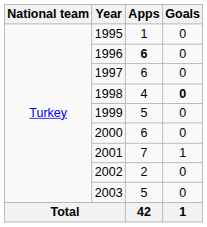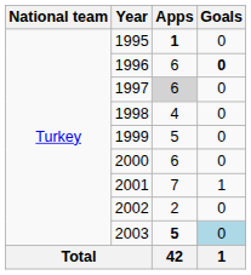 <table class="wikitable" style="text-align:center">
 <tr>
 <th>National team</th>
 <th>Year</th>
 <th>Apps</th>
 <th>Goals</th>
 </tr>
 <tr>
 <td rowspan="9"><a href='#'>Turkey</a></td>
 <td>1995</td>
-<td>1</td>
+<td><strong>1</strong></td>
 <td>0</td>
 </tr>
 <tr>
 <td>1996</td>
-<td><strong>6</strong></td>
-<td>0</td>
+<td>6</td>
+<td><strong>0</strong></td>
 </tr>
 <tr>
 <td>1997</td>
-<td>6</td>
+<td style="background: lightgrey;">6</td>
 <td>0</td>
 </tr>
 <tr>
 <td>1998</td>
 <td>4</td>
-<td><strong>0</strong></td>
+<td>0</td>
 </tr>
 <tr>
 <td>1999</td>
 <td>5</td>
 <td>0</td>
 </tr>
 <tr>
 <td>2000</td>
 <td>6</td>
 <td>0</td>
 </tr>
 <tr>
 <td>2001</td>
 <td>7</td>
 <td>1</td>
 </tr>
 <tr>
 <td>2002</td>
 <td>2</td>
 <td>0</td>
 </tr>
 <tr>
 <td>2003</td>
-<td>5</td>
-<td>0</td>
+<td><strong>5</strong></td>
+<td style="background: lightblue;">0</td>
 </tr>
 <tr>
 <th colspan="2">Total</th>
 <th>42</th>
 <th>1</th>
 </tr>
 </table>
